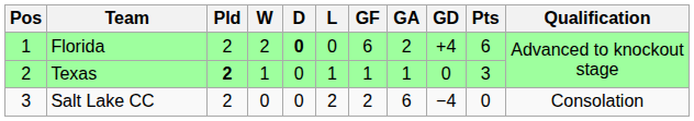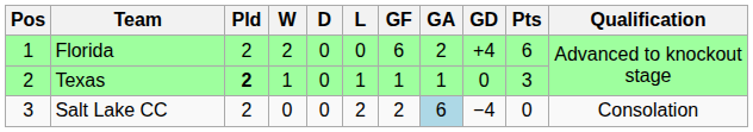 <table class="wikitable" style="text-align:center; margin: 1em auto">
 <tr>
 <th style="width:2em">Pos</th>
 <th style="width:13em">Team</th>
 <th style="width:2em">Pld</th>
 <th style="width:2em">W</th>
 <th style="width:2em">D</th>
 <th style="width:2em">L</th>
 <th style="width:2em">GF</th>
 <th style="width:2em">GA</th>
 <th style="width:2em">GD</th>
 <th style="width:2em">Pts</th>
 <th style="width:13em">Qualification</th>
 </tr>
 <tr bgcolor="#9eff9e">
 <td>1</td>
 <td style="text-align:left">Florida</td>
 <td>2</td>
 <td>2</td>
-<td><strong>0</strong></td>
+<td>0</td>
 <td>0</td>
 <td>6</td>
 <td>2</td>
 <td>+4</td>
 <td>6</td>
 <td rowspan="2">Advanced to knockout stage</td>
 </tr>
 <tr bgcolor="#9eff9e">
 <td>2</td>
 <td style="text-align:left">Texas</td>
 <td><strong>2</strong></td>
 <td>1</td>
 <td>0</td>
 <td>1</td>
 <td>1</td>
 <td>1</td>
 <td>0</td>
 <td>3</td>
 </tr>
 <tr>
 <td>3</td>
 <td style="text-align:left">Salt Lake CC</td>
 <td>2</td>
 <td>0</td>
 <td>0</td>
 <td>2</td>
 <td>2</td>
-<td>6</td>
+<td style="background: lightblue;">6</td>
 <td>−4</td>
 <td>0</td>
 <td>Consolation</td>
 </tr>
 </table>
